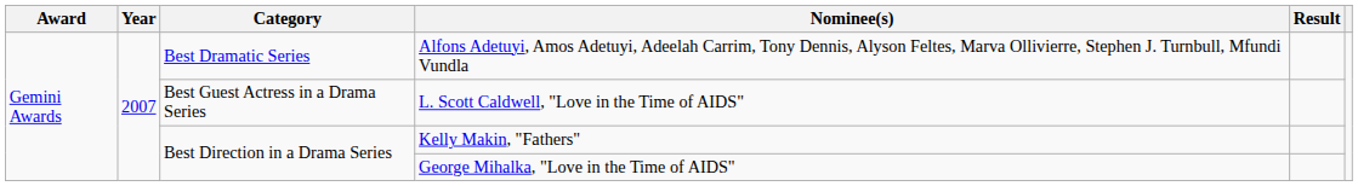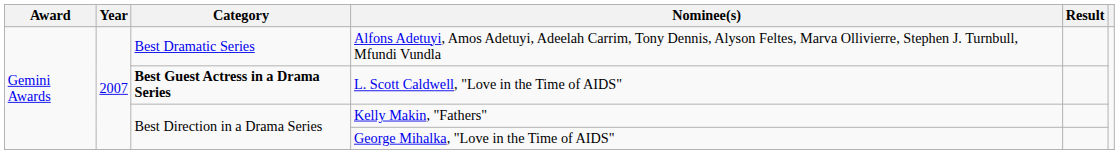 <table class="wikitable sortable plainrowheaders">
 <tr>
 <th scope="col">Award</th>
 <th scope="col">Year</th>
 <th scope="col">Category</th>
 <th scope="col">Nominee(s)</th>
 <th scope="col">Result</th>
 <th scope="col" class="unsortable"></th>
 </tr>
 <tr>
 <td rowspan=4><a href='#'>Gemini Awards</a></td>
 <td rowspan=4><a href='#'>2007</a></td>
 <td><a href='#'>Best Dramatic Series</a></td>
 <td><a href='#'>Alfons Adetuyi</a>, Amos Adetuyi, Adeelah Carrim, Tony Dennis, Alyson Feltes, Marva Ollivierre, Stephen J. Turnbull, Mfundi Vundla</td>
 <td></td>
 <td rowspan=4></td>
 </tr>
 <tr>
-<td>Best Guest Actress in a Drama Series</td>
+<td><strong>Best Guest Actress in a Drama Series</strong></td>
 <td><a href='#'>L. Scott Caldwell</a>, "Love in the Time of AIDS"</td>
 <td></td>
 </tr>
 <tr>
 <td rowspan=2>Best Direction in a Drama Series</td>
 <td><a href='#'>Kelly Makin</a>, "Fathers"</td>
 <td></td>
 </tr>
 <tr>
 <td><a href='#'>George Mihalka</a>, "Love in the Time of AIDS"</td>
 <td></td>
 </tr>
 </table>
